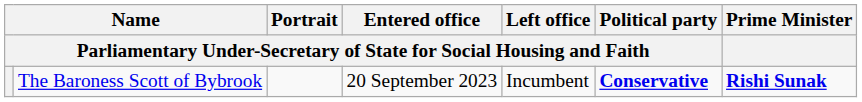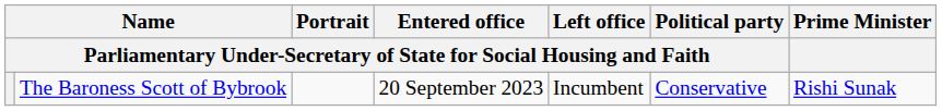 <table class="wikitable">
 <tr>
 <th colspan="2">Name</th>
 <th>Portrait</th>
 <th>Entered office</th>
 <th>Left office</th>
 <th>Political party</th>
 <th>Prime Minister</th>
 </tr>
 <tr>
 <th colspan="6">Parliamentary Under-Secretary of State for <strong>Social Housing and Faith</strong></th>
 <th></th>
 </tr>
 <tr>
 <th style="background-color: "></th>
 <td><a href='#'>The Baroness Scott of Bybrook</a></td>
 <td></td>
 <td>20 September 2023</td>
 <td>Incumbent</td>
-<td><strong><a href='#'>Conservative</a></strong></td>
-<td><strong><a href='#'>Rishi Sunak</a></strong></td>
+<td><a href='#'>Conservative</a></td>
+<td><a href='#'>Rishi Sunak</a></td>
 </tr>
 </table>
